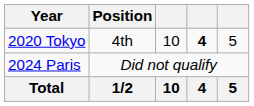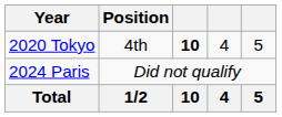 <table class="wikitable" style="text-align: center;">
 <tr>
 <th>Year</th>
 <th>Position</th>
 <th width=25px></th>
 <th width=25px></th>
 <th width=25px></th>
 </tr>
 <tr>
 <td style="text-align: left;"> <a href='#'>2020 Tokyo</a></td>
 <td>4th</td>
-<td>10</td>
-<td><strong>4</strong></td>
+<td><strong>10</strong></td>
+<td>4</td>
 <td>5</td>
 </tr>
 <tr>
 <td style="text-align: left;"> <a href='#'>2024 Paris</a></td>
 <td colspan=4><em>Did not qualify</em></td>
 </tr>
 <tr>
 <th>Total</th>
 <th>1/2</th>
 <th>10</th>
 <th>4</th>
 <th>5</th>
 </tr>
 </table>
